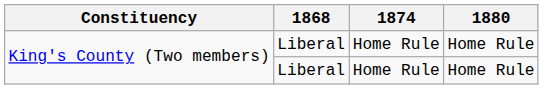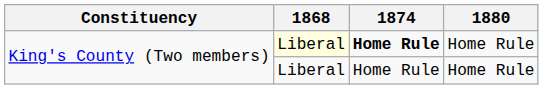 <table class="wikitable">
 <tr>
 <th>Constituency</th>
 <th>1868</th>
 <th>1874</th>
 <th>1880</th>
 </tr>
 <tr>
 <td rowspan="2"><a href='#'>King's County</a> (Two members)</td>
-<td>Liberal</td>
-<td>Home Rule</td>
+<td style="background: lightyellow;">Liberal</td>
+<td><strong>Home Rule</strong></td>
 <td>Home Rule</td>
 </tr>
 <tr>
 <td>Liberal</td>
 <td>Home Rule</td>
 <td>Home Rule</td>
 </tr>
 </table>
